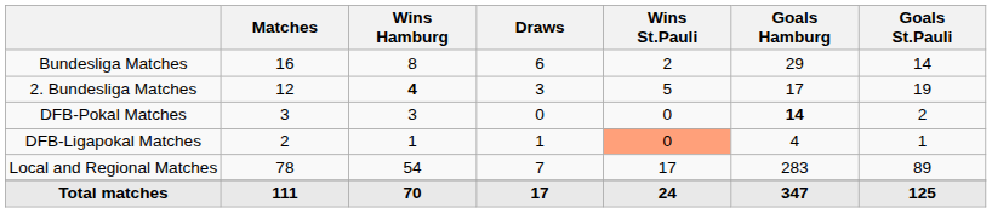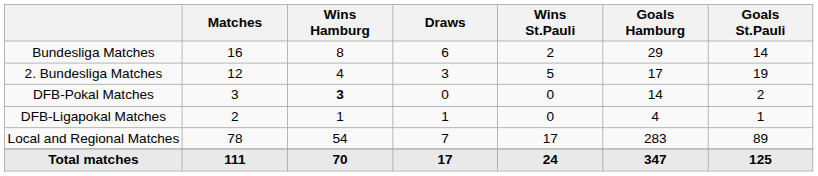 <table class="wikitable" style="text-align: center">
 <tr>
 <th></th>
 <th width="13%">Matches</th>
 <th width="13%">Wins<br>Hamburg</th>
 <th width="13%">Draws</th>
 <th width="13%">Wins<br>St.Pauli</th>
 <th width="13%">Goals<br>Hamburg</th>
 <th width="13%">Goals<br>St.Pauli</th>
 </tr>
 <tr>
 <td>Bundesliga Matches</td>
 <td>16</td>
 <td>8</td>
 <td>6</td>
 <td>2</td>
 <td>29</td>
 <td>14</td>
 </tr>
 <tr>
 <td>2. Bundesliga Matches</td>
 <td>12</td>
-<td><strong>4</strong></td>
+<td>4</td>
 <td>3</td>
 <td>5</td>
 <td>17</td>
 <td>19</td>
 </tr>
 <tr>
 <td>DFB-Pokal Matches</td>
 <td>3</td>
-<td>3</td>
+<td><strong>3</strong></td>
 <td>0</td>
 <td>0</td>
-<td><strong>14</strong></td>
+<td>14</td>
 <td>2</td>
 </tr>
 <tr>
 <td>DFB-Ligapokal Matches</td>
 <td>2</td>
 <td>1</td>
 <td>1</td>
-<td style="background: lightsalmon;">0</td>
+<td>0</td>
 <td>4</td>
 <td>1</td>
 </tr>
 <tr>
 <td>Local and Regional Matches</td>
 <td>78</td>
 <td>54</td>
 <td>7</td>
 <td>17</td>
 <td>283</td>
 <td>89</td>
 </tr>
 <tr>
 </tr>
 <tr bgcolor=E9E9E9>
 <td><strong>Total matches</strong></td>
 <td><strong>111</strong></td>
 <td><strong>70</strong></td>
 <td><strong>17</strong></td>
 <td><strong>24</strong></td>
 <td><strong>347</strong></td>
 <td><strong>125</strong></td>
 </tr>
 </table>
